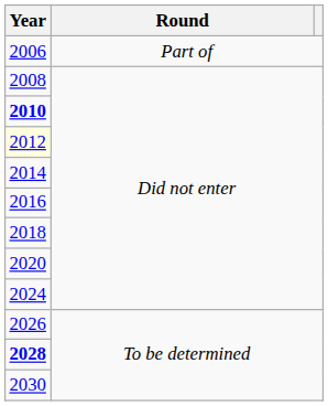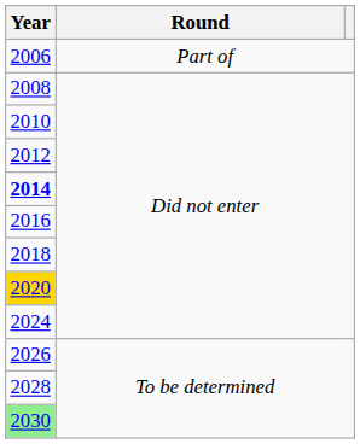 <table class="wikitable" style="text-align: center; font-size:90%">
 <tr>
 <th>Year</th>
 <th style="width:200px">Round</th>
 <th></th>
 </tr>
 <tr>
 <td><a href='#'>2006</a></td>
 <td colspan="2"><em>Part of </em></td>
 </tr>
 <tr>
 <td><a href='#'>2008</a></td>
 <td colspan="2" rowspan="8"><em>Did not enter</em></td>
 </tr>
 <tr>
-<td><strong><a href='#'>2010</a></strong></td>
+<td><a href='#'>2010</a></td>
 </tr>
 <tr>
-<td style="background: lightyellow;"><a href='#'>2012</a></td>
+<td><a href='#'>2012</a></td>
 </tr>
 <tr>
-<td><a href='#'>2014</a></td>
+<td><strong><a href='#'>2014</a></strong></td>
 </tr>
 <tr>
 <td><a href='#'>2016</a></td>
 </tr>
 <tr>
 <td><a href='#'>2018</a></td>
 </tr>
 <tr>
-<td><a href='#'>2020</a></td>
+<td style="background: gold;"><a href='#'>2020</a></td>
 </tr>
 <tr>
 <td><a href='#'>2024</a></td>
 </tr>
 <tr>
 <td><a href='#'>2026</a></td>
 <td colspan="2" rowspan="3"><em>To be determined</em></td>
 </tr>
 <tr>
-<td><strong><a href='#'>2028</a></strong></td>
+<td><a href='#'>2028</a></td>
 </tr>
 <tr>
-<td><a href='#'>2030</a></td>
+<td style="background: lightgreen;"><a href='#'>2030</a></td>
 </tr>
 </table>
